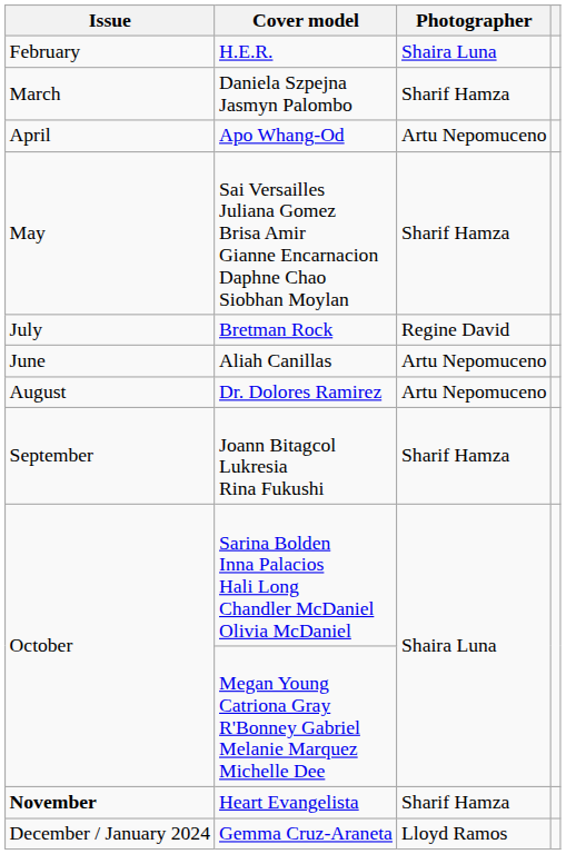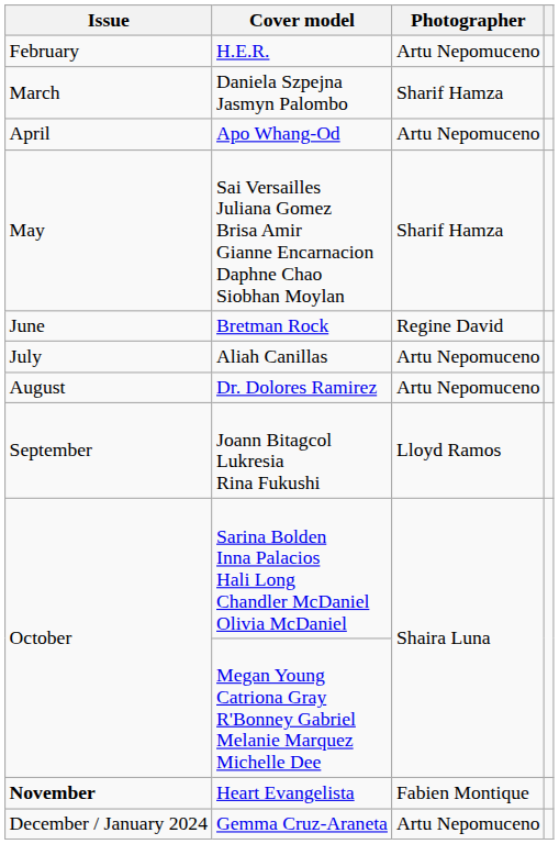 <table class="wikitable">
 <tr>
 <th>Issue</th>
 <th>Cover model</th>
 <th>Photographer</th>
 <th></th>
 </tr>
 <tr>
 <td>February</td>
 <td><a href='#'>H.E.R.</a></td>
-<td><a href='#'>Shaira Luna</a></td>
+<td>Artu Nepomuceno</td>
 <td></td>
 </tr>
 <tr>
 <td>March</td>
 <td>Daniela Szpejna<br>Jasmyn Palombo</td>
 <td>Sharif Hamza</td>
 <td></td>
 </tr>
 <tr>
 <td>April</td>
 <td><a href='#'>Apo Whang-Od</a> </td>
 <td>Artu Nepomuceno</td>
 <td></td>
 </tr>
 <tr>
 <td>May</td>
 <td><br>Sai Versailles<br> Juliana Gomez<br> Brisa Amir<br> Gianne Encarnacion<br> Daphne Chao<br> Siobhan Moylan</td>
 <td>Sharif Hamza</td>
 <td></td>
 </tr>
 <tr>
-<td>July</td>
+<td>June</td>
 <td><a href='#'>Bretman Rock</a></td>
 <td>Regine David</td>
 <td></td>
 </tr>
 <tr>
-<td>June</td>
+<td>July</td>
 <td>Aliah Canillas</td>
 <td>Artu Nepomuceno</td>
 <td></td>
 </tr>
 <tr>
 <td>August</td>
 <td><a href='#'>Dr. Dolores Ramirez</a></td>
 <td>Artu Nepomuceno</td>
 <td></td>
 </tr>
 <tr>
 <td>September</td>
 <td><br>Joann Bitagcol<br> Lukresia<br> Rina Fukushi</td>
-<td>Sharif Hamza</td>
+<td>Lloyd Ramos</td>
 <td></td>
 </tr>
 <tr>
 <td rowspan="2">October</td>
 <td><br><a href='#'>Sarina Bolden</a><br> <a href='#'>Inna Palacios</a><br> <a href='#'>Hali Long</a><br> <a href='#'>Chandler McDaniel</a><br> <a href='#'>Olivia McDaniel</a></td>
 <td rowspan="2">Shaira Luna</td>
 <td rowspan="2"></td>
 </tr>
 <tr>
 <td><br><a href='#'>Megan Young</a><br> <a href='#'>Catriona Gray</a><br> <a href='#'>R'Bonney Gabriel</a><br> <a href='#'>Melanie Marquez</a><br> <a href='#'>Michelle Dee</a></td>
 </tr>
 <tr>
 <td><strong>November</strong></td>
 <td><a href='#'>Heart Evangelista</a></td>
-<td>Sharif Hamza</td>
+<td>Fabien Montique</td>
 <td></td>
 </tr>
 <tr>
 <td>December / January 2024</td>
 <td><a href='#'>Gemma Cruz-Araneta</a></td>
-<td>Lloyd Ramos</td>
+<td>Artu Nepomuceno</td>
 <td></td>
 </tr>
 </table>
